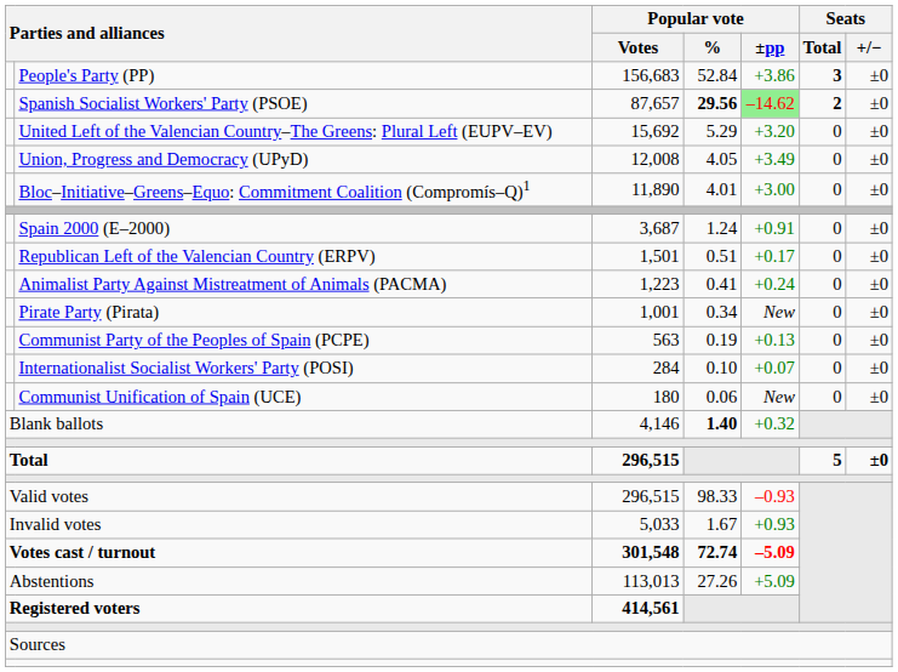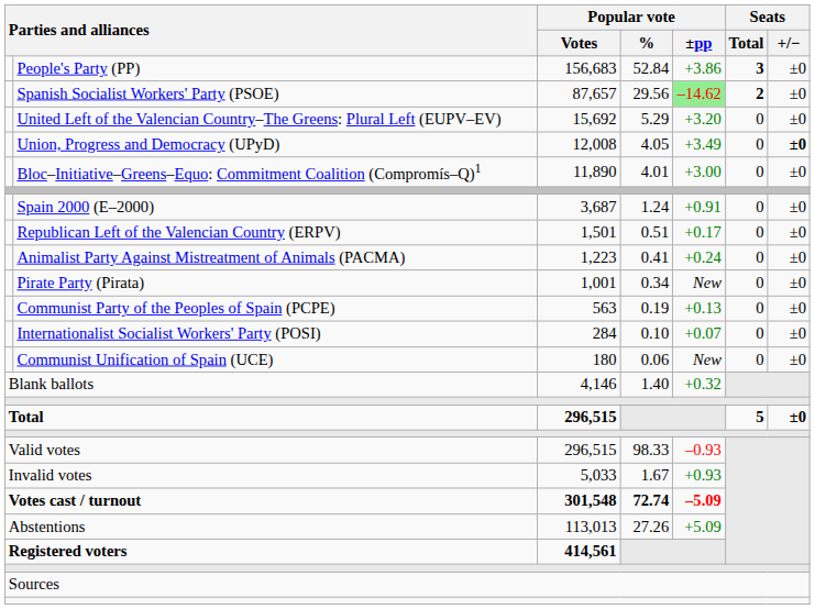 <table class="wikitable" style="text-align:right;">
 <tr>
 <th style="text-align:left;" rowspan="2" colspan="2" width="525">Parties and alliances</th>
 <th colspan="3">Popular vote</th>
 <th colspan="2">Seats</th>
 </tr>
 <tr>
 <th width="75">Votes</th>
 <th width="45">%</th>
 <th width="45">±<a href='#'>pp</a></th>
 <th width="35">Total</th>
 <th width="35">+/−</th>
 </tr>
 <tr>
 <td width="1" style="color:inherit;background:"></td>
 <td align="left"><a href='#'>People's Party</a> (PP)</td>
 <td>156,683</td>
 <td>52.84</td>
 <td style="color:green;">+3.86</td>
 <td><strong>3</strong></td>
 <td>±0</td>
 </tr>
 <tr>
 <td style="color:inherit;background:"></td>
 <td align="left"><a href='#'>Spanish Socialist Workers' Party</a> (PSOE)</td>
 <td>87,657</td>
-<td><strong>29.56</strong></td>
+<td>29.56</td>
 <td style="background: lightgreen; color:red;">–14.62</td>
 <td><strong>2</strong></td>
 <td>±0</td>
 </tr>
 <tr>
 <td style="color:inherit;background:"></td>
 <td align="left"><a href='#'>United Left of the Valencian Country</a>–<a href='#'>The Greens</a>: <a href='#'>Plural Left</a> (EUPV–EV)</td>
 <td>15,692</td>
 <td>5.29</td>
 <td style="color:green;">+3.20</td>
 <td>0</td>
 <td>±0</td>
 </tr>
 <tr>
 <td style="color:inherit;background:"></td>
 <td align="left"><a href='#'>Union, Progress and Democracy</a> (UPyD)</td>
 <td>12,008</td>
 <td>4.05</td>
 <td style="color:green;">+3.49</td>
 <td>0</td>
-<td>±0</td>
+<td><strong>±0</strong></td>
 </tr>
 <tr>
 <td style="color:inherit;background:"></td>
 <td align="left"><a href='#'>Bloc</a>–<a href='#'>Initiative</a>–<a href='#'>Greens</a>–<a href='#'>Equo</a>: <a href='#'>Commitment Coalition</a> (Compromís–Q)<sup>1</sup></td>
 <td>11,890</td>
 <td>4.01</td>
 <td style="color:green;">+3.00</td>
 <td>0</td>
 <td>±0</td>
 </tr>
 <tr>
 <td colspan="7" bgcolor="#C0C0C0"></td>
 </tr>
 <tr>
 <td style="color:inherit;background:"></td>
 <td align="left"><a href='#'>Spain 2000</a> (E–2000)</td>
 <td>3,687</td>
 <td>1.24</td>
 <td style="color:green;">+0.91</td>
 <td>0</td>
 <td>±0</td>
 </tr>
 <tr>
 <td style="color:inherit;background:"></td>
 <td align="left"><a href='#'>Republican Left of the Valencian Country</a> (ERPV)</td>
 <td>1,501</td>
 <td>0.51</td>
 <td style="color:green;">+0.17</td>
 <td>0</td>
 <td>±0</td>
 </tr>
 <tr>
 <td style="color:inherit;background:"></td>
 <td align="left"><a href='#'>Animalist Party Against Mistreatment of Animals</a> (PACMA)</td>
 <td>1,223</td>
 <td>0.41</td>
 <td style="color:green;">+0.24</td>
 <td>0</td>
 <td>±0</td>
 </tr>
 <tr>
 <td style="color:inherit;background:"></td>
 <td align="left"><a href='#'>Pirate Party</a> (Pirata)</td>
 <td>1,001</td>
 <td>0.34</td>
 <td><em>New</em></td>
 <td>0</td>
 <td>±0</td>
 </tr>
 <tr>
 <td style="color:inherit;background:"></td>
 <td align="left"><a href='#'>Communist Party of the Peoples of Spain</a> (PCPE)</td>
 <td>563</td>
 <td>0.19</td>
 <td style="color:green;">+0.13</td>
 <td>0</td>
 <td>±0</td>
 </tr>
 <tr>
 <td style="color:inherit;background:"></td>
 <td align="left"><a href='#'>Internationalist Socialist Workers' Party</a> (POSI)</td>
 <td>284</td>
 <td>0.10</td>
 <td style="color:green;">+0.07</td>
 <td>0</td>
 <td>±0</td>
 </tr>
 <tr>
 <td style="color:inherit;background:"></td>
 <td align="left"><a href='#'>Communist Unification of Spain</a> (UCE)</td>
 <td>180</td>
 <td>0.06</td>
 <td><em>New</em></td>
 <td>0</td>
 <td>±0</td>
 </tr>
 <tr>
 <td align="left" colspan="2">Blank ballots</td>
 <td>4,146</td>
-<td><strong>1.40</strong></td>
+<td>1.40</td>
 <td style="color:green;">+0.32</td>
 <td bgcolor="#E9E9E9" colspan="2"></td>
 </tr>
 <tr>
 <td colspan="7" bgcolor="#E9E9E9"></td>
 </tr>
 <tr style="font-weight:bold;">
 <td align="left" colspan="2">Total</td>
 <td>296,515</td>
 <td bgcolor="#E9E9E9" colspan="2"></td>
 <td>5</td>
 <td>±0</td>
 </tr>
 <tr>
 <td colspan="7" bgcolor="#E9E9E9"></td>
 </tr>
 <tr>
 <td align="left" colspan="2">Valid votes</td>
 <td>296,515</td>
 <td>98.33</td>
 <td style="color:red;">–0.93</td>
 <td bgcolor="#E9E9E9" colspan="2" rowspan="5"></td>
 </tr>
 <tr>
 <td align="left" colspan="2">Invalid votes</td>
 <td>5,033</td>
 <td>1.67</td>
 <td style="color:green;">+0.93</td>
 </tr>
 <tr style="font-weight:bold;">
 <td align="left" colspan="2">Votes cast / turnout</td>
 <td>301,548</td>
 <td>72.74</td>
 <td style="color:red;">–5.09</td>
 </tr>
 <tr>
 <td align="left" colspan="2">Abstentions</td>
 <td>113,013</td>
 <td>27.26</td>
 <td style="color:green;">+5.09</td>
 </tr>
 <tr style="font-weight:bold;">
 <td align="left" colspan="2">Registered voters</td>
 <td>414,561</td>
 <td bgcolor="#E9E9E9" colspan="2"></td>
 </tr>
 <tr>
 <td colspan="7" bgcolor="#E9E9E9"></td>
 </tr>
 <tr>
 <td align="left" colspan="7">Sources</td>
 </tr>
 <tr>
 <td colspan="7" style="text-align:left; max-width:790px;"></td>
 </tr>
 </table>
